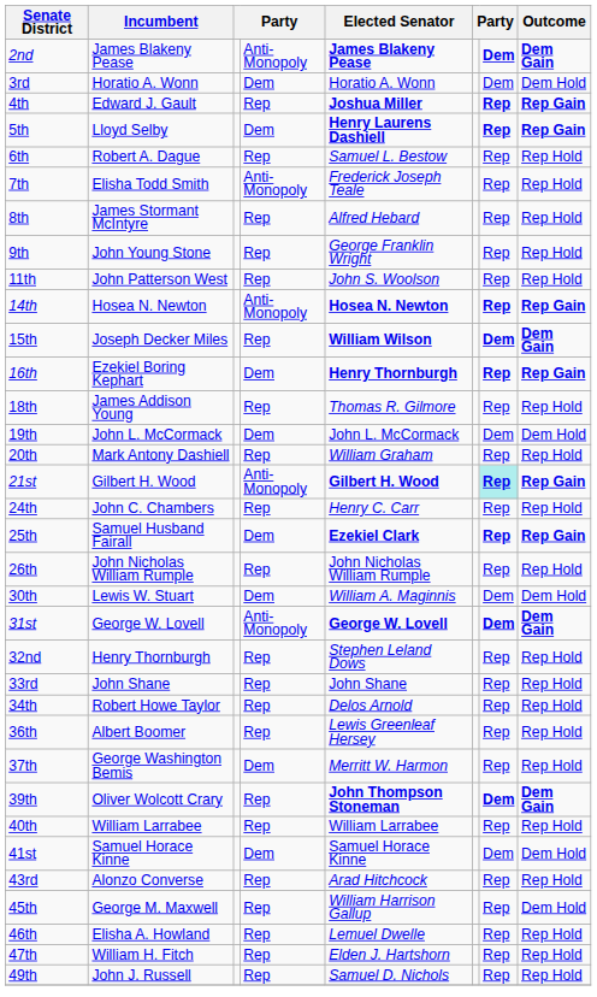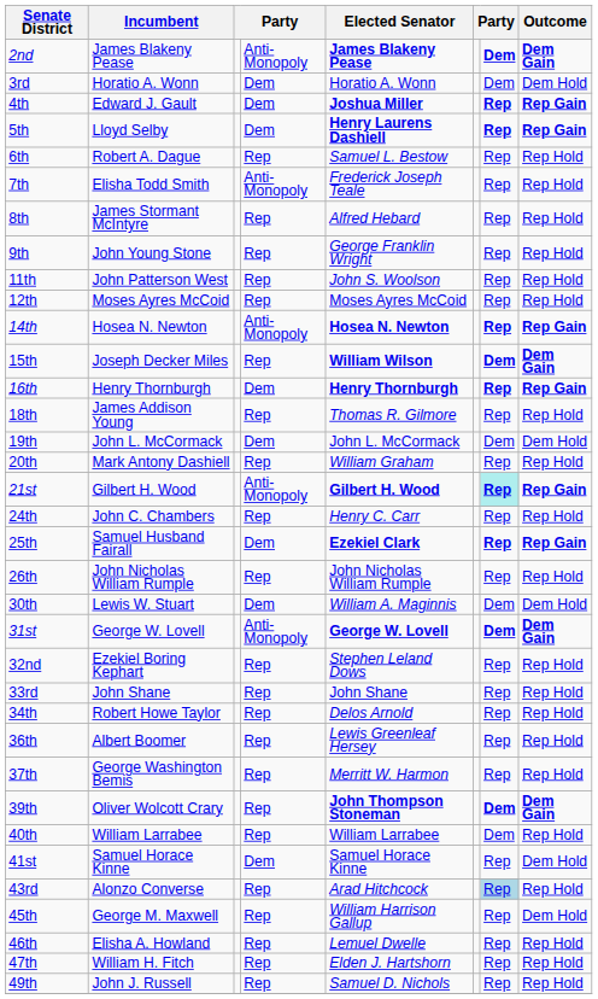 <table class="sortable wikitable" style="font-size:95%;line-height:14px;">
 <tr>
 <th class="sortable"><a href='#'>Senate</a> District</th>
 <th class="sortable"><a href='#'>Incumbent</a></th>
 <th colspan="2">Party</th>
 <th class="sortable">Elected Senator</th>
 <th colspan="2">Party</th>
 <th class="sortable">Outcome</th>
 </tr>
 <tr>
 <td><em><a href='#'>2nd</a></em></td>
 <td><a href='#'>James Blakeny Pease</a></td>
 <td style="background:"></td>
 <td><a href='#'>Anti-Monopoly</a></td>
 <td><strong><a href='#'>James Blakeny Pease</a></strong></td>
 <td style="background:"></td>
 <td><strong><a href='#'>Dem</a></strong></td>
 <td><strong><a href='#'>Dem Gain</a></strong></td>
 </tr>
 <tr>
 <td><a href='#'>3rd</a></td>
 <td><a href='#'>Horatio A. Wonn</a></td>
 <td style="background:"></td>
 <td><a href='#'>Dem</a></td>
 <td><a href='#'>Horatio A. Wonn</a></td>
 <td style="background:"></td>
 <td><a href='#'>Dem</a></td>
 <td><a href='#'>Dem Hold</a></td>
 </tr>
 <tr>
 <td><a href='#'>4th</a></td>
 <td><a href='#'>Edward J. Gault</a></td>
 <td style="background:"></td>
-<td><a href='#'>Rep</a></td>
+<td><a href='#'>Dem</a></td>
 <td><strong><a href='#'>Joshua Miller</a></strong></td>
 <td style="background:"></td>
 <td><strong><a href='#'>Rep</a></strong></td>
 <td><strong><a href='#'>Rep Gain</a></strong></td>
 </tr>
 <tr>
 <td><a href='#'>5th</a></td>
 <td><a href='#'>Lloyd Selby</a></td>
 <td style="background:"></td>
 <td><a href='#'>Dem</a></td>
 <td><strong><a href='#'>Henry Laurens Dashiell</a></strong></td>
 <td style="background:"></td>
 <td><strong><a href='#'>Rep</a></strong></td>
 <td><strong><a href='#'>Rep Gain</a></strong></td>
 </tr>
 <tr>
 <td><a href='#'>6th</a></td>
 <td><a href='#'>Robert A. Dague</a></td>
 <td style="background:"></td>
 <td><a href='#'>Rep</a></td>
 <td><em><a href='#'>Samuel L. Bestow</a></em></td>
 <td style="background:"></td>
 <td><a href='#'>Rep</a></td>
 <td><a href='#'>Rep Hold</a></td>
 </tr>
 <tr>
 <td><a href='#'>7th</a></td>
 <td><a href='#'>Elisha Todd Smith</a></td>
 <td style="background:"></td>
 <td><a href='#'>Anti-Monopoly</a></td>
 <td><em><a href='#'>Frederick Joseph Teale</a></em></td>
 <td style="background:"></td>
 <td><a href='#'>Rep</a></td>
 <td><a href='#'>Rep Hold</a></td>
 </tr>
 <tr>
 <td><a href='#'>8th</a></td>
 <td><a href='#'>James Stormant McIntyre</a></td>
 <td style="background:"></td>
 <td><a href='#'>Rep</a></td>
 <td><em><a href='#'>Alfred Hebard</a></em></td>
 <td style="background:"></td>
 <td><a href='#'>Rep</a></td>
 <td><a href='#'>Rep Hold</a></td>
 </tr>
 <tr>
 <td><a href='#'>9th</a></td>
 <td><a href='#'>John Young Stone</a></td>
 <td style="background:"></td>
 <td><a href='#'>Rep</a></td>
 <td><em><a href='#'>George Franklin Wright</a></em></td>
 <td style="background:"></td>
 <td><a href='#'>Rep</a></td>
 <td><a href='#'>Rep Hold</a></td>
 </tr>
 <tr>
 <td><a href='#'>11th</a></td>
 <td><a href='#'>John Patterson West</a></td>
 <td style="background:"></td>
 <td><a href='#'>Rep</a></td>
 <td><em><a href='#'>John S. Woolson</a></em></td>
 <td style="background:"></td>
 <td><a href='#'>Rep</a></td>
 <td><a href='#'>Rep Hold</a></td>
 </tr>
 <tr>
+<td><a href='#'>12th</a></td>
+<td><a href='#'>Moses Ayres McCoid</a></td>
+<td style="background:"></td>
+<td><a href='#'>Rep</a></td>
+<td><a href='#'>Moses Ayres McCoid</a></td>
+<td style="background:"></td>
+<td><a href='#'>Rep</a></td>
+<td><a href='#'>Rep Hold</a></td>
+</tr>
+<tr>
 <td><em><a href='#'>14th</a></em></td>
 <td><a href='#'>Hosea N. Newton</a></td>
 <td style="background:"></td>
 <td><a href='#'>Anti-Monopoly</a></td>
 <td><strong><a href='#'>Hosea N. Newton</a></strong></td>
 <td style="background:"></td>
 <td><strong><a href='#'>Rep</a></strong></td>
 <td><strong><a href='#'>Rep Gain</a></strong></td>
 </tr>
 <tr>
 <td><a href='#'>15th</a></td>
 <td><a href='#'>Joseph Decker Miles</a></td>
 <td style="background:"></td>
 <td><a href='#'>Rep</a></td>
 <td><strong><a href='#'>William Wilson</a></strong></td>
 <td style="background:"></td>
 <td><strong><a href='#'>Dem</a></strong></td>
 <td><strong><a href='#'>Dem Gain</a></strong></td>
 </tr>
 <tr>
 <td><em><a href='#'>16th</a></em></td>
-<td><a href='#'>Ezekiel Boring Kephart</a></td>
+<td><a href='#'>Henry Thornburgh</a></td>
 <td style="background:"></td>
 <td><a href='#'>Dem</a></td>
 <td><strong><a href='#'>Henry Thornburgh</a></strong></td>
 <td style="background:"></td>
 <td><strong><a href='#'>Rep</a></strong></td>
 <td><strong><a href='#'>Rep Gain</a></strong></td>
 </tr>
 <tr>
 <td><a href='#'>18th</a></td>
 <td><a href='#'>James Addison Young</a></td>
 <td style="background:"></td>
 <td><a href='#'>Rep</a></td>
 <td><em><a href='#'>Thomas R. Gilmore</a></em></td>
 <td style="background:"></td>
 <td><a href='#'>Rep</a></td>
 <td><a href='#'>Rep Hold</a></td>
 </tr>
 <tr>
 <td><a href='#'>19th</a></td>
 <td><a href='#'>John L. McCormack</a></td>
 <td style="background:"></td>
 <td><a href='#'>Dem</a></td>
 <td><a href='#'>John L. McCormack</a></td>
 <td style="background:"></td>
 <td><a href='#'>Dem</a></td>
 <td><a href='#'>Dem Hold</a></td>
 </tr>
 <tr>
 <td><a href='#'>20th</a></td>
 <td><a href='#'>Mark Antony Dashiell</a></td>
 <td style="background:"></td>
 <td><a href='#'>Rep</a></td>
 <td><em><a href='#'>William Graham</a></em></td>
 <td style="background:"></td>
 <td><a href='#'>Rep</a></td>
 <td><a href='#'>Rep Hold</a></td>
 </tr>
 <tr>
 <td><em><a href='#'>21st</a></em></td>
 <td><a href='#'>Gilbert H. Wood</a></td>
 <td style="background:"></td>
 <td><a href='#'>Anti-Monopoly</a></td>
 <td><strong><a href='#'>Gilbert H. Wood</a></strong></td>
 <td style="background:"></td>
 <td style="background: paleturquoise;"><strong><a href='#'>Rep</a></strong></td>
 <td><strong><a href='#'>Rep Gain</a></strong></td>
 </tr>
 <tr>
 <td><a href='#'>24th</a></td>
 <td><a href='#'>John C. Chambers</a></td>
 <td style="background:"></td>
 <td><a href='#'>Rep</a></td>
 <td><em><a href='#'>Henry C. Carr</a></em></td>
 <td style="background:"></td>
 <td><a href='#'>Rep</a></td>
 <td><a href='#'>Rep Hold</a></td>
 </tr>
 <tr>
 <td><a href='#'>25th</a></td>
 <td><a href='#'>Samuel Husband Fairall</a></td>
 <td style="background:"></td>
 <td><a href='#'>Dem</a></td>
 <td><strong><a href='#'>Ezekiel Clark</a></strong></td>
 <td style="background:"></td>
 <td><strong><a href='#'>Rep</a></strong></td>
 <td><strong><a href='#'>Rep Gain</a></strong></td>
 </tr>
 <tr>
 <td><a href='#'>26th</a></td>
 <td><a href='#'>John Nicholas William Rumple</a></td>
 <td style="background:"></td>
 <td><a href='#'>Rep</a></td>
 <td><a href='#'>John Nicholas William Rumple</a></td>
 <td style="background:"></td>
 <td><a href='#'>Rep</a></td>
 <td><a href='#'>Rep Hold</a></td>
 </tr>
 <tr>
 <td><a href='#'>30th</a></td>
 <td><a href='#'>Lewis W. Stuart</a></td>
 <td style="background:"></td>
 <td><a href='#'>Dem</a></td>
 <td><em><a href='#'>William A. Maginnis</a></em></td>
 <td style="background:"></td>
 <td><a href='#'>Dem</a></td>
 <td><a href='#'>Dem Hold</a></td>
 </tr>
 <tr>
 <td><em><a href='#'>31st</a></em></td>
 <td><a href='#'>George W. Lovell</a></td>
 <td style="background:"></td>
 <td><a href='#'>Anti-Monopoly</a></td>
 <td><strong><a href='#'>George W. Lovell</a></strong></td>
 <td style="background:"></td>
 <td><strong><a href='#'>Dem</a></strong></td>
 <td><strong><a href='#'>Dem Gain</a></strong></td>
 </tr>
 <tr>
 <td><a href='#'>32nd</a></td>
-<td><a href='#'>Henry Thornburgh</a></td>
+<td><a href='#'>Ezekiel Boring Kephart</a></td>
 <td style="background:"></td>
 <td><a href='#'>Rep</a></td>
 <td><em><a href='#'>Stephen Leland Dows</a></em></td>
 <td style="background:"></td>
 <td><a href='#'>Rep</a></td>
 <td><a href='#'>Rep Hold</a></td>
 </tr>
 <tr>
 <td><a href='#'>33rd</a></td>
 <td><a href='#'>John Shane</a></td>
 <td style="background:"></td>
 <td><a href='#'>Rep</a></td>
 <td><a href='#'>John Shane</a></td>
 <td style="background:"></td>
 <td><a href='#'>Rep</a></td>
 <td><a href='#'>Rep Hold</a></td>
 </tr>
 <tr>
 <td><a href='#'>34th</a></td>
 <td><a href='#'>Robert Howe Taylor</a></td>
 <td style="background:"></td>
 <td><a href='#'>Rep</a></td>
 <td><em><a href='#'>Delos Arnold</a></em></td>
 <td style="background:"></td>
 <td><a href='#'>Rep</a></td>
 <td><a href='#'>Rep Hold</a></td>
 </tr>
 <tr>
 <td><a href='#'>36th</a></td>
 <td><a href='#'>Albert Boomer</a></td>
 <td style="background:"></td>
 <td><a href='#'>Rep</a></td>
 <td><em><a href='#'>Lewis Greenleaf Hersey</a></em></td>
 <td style="background:"></td>
 <td><a href='#'>Rep</a></td>
 <td><a href='#'>Rep Hold</a></td>
 </tr>
 <tr>
 <td><a href='#'>37th</a></td>
 <td><a href='#'>George Washington Bemis</a></td>
 <td style="background:"></td>
-<td><a href='#'>Dem</a></td>
+<td><a href='#'>Rep</a></td>
 <td><em><a href='#'>Merritt W. Harmon</a></em></td>
 <td style="background:"></td>
 <td><a href='#'>Rep</a></td>
 <td><a href='#'>Rep Hold</a></td>
 </tr>
 <tr>
 <td><a href='#'>39th</a></td>
 <td><a href='#'>Oliver Wolcott Crary</a></td>
 <td style="background:"></td>
 <td><a href='#'>Rep</a></td>
 <td><strong><a href='#'>John Thompson Stoneman</a></strong></td>
 <td style="background:"></td>
 <td><strong><a href='#'>Dem</a></strong></td>
 <td><strong><a href='#'>Dem Gain</a></strong></td>
 </tr>
 <tr>
 <td><a href='#'>40th</a></td>
 <td><a href='#'>William Larrabee</a></td>
 <td style="background:"></td>
 <td><a href='#'>Rep</a></td>
 <td><a href='#'>William Larrabee</a></td>
 <td style="background:"></td>
-<td><a href='#'>Rep</a></td>
+<td><a href='#'>Dem</a></td>
 <td><a href='#'>Rep Hold</a></td>
 </tr>
 <tr>
 <td><a href='#'>41st</a></td>
 <td><a href='#'>Samuel Horace Kinne</a></td>
 <td style="background:"></td>
 <td><a href='#'>Dem</a></td>
 <td><a href='#'>Samuel Horace Kinne</a></td>
 <td style="background:"></td>
-<td><a href='#'>Dem</a></td>
+<td><a href='#'>Rep</a></td>
 <td><a href='#'>Dem Hold</a></td>
 </tr>
 <tr>
 <td><a href='#'>43rd</a></td>
 <td><a href='#'>Alonzo Converse</a></td>
 <td style="background:"></td>
 <td><a href='#'>Rep</a></td>
 <td><em><a href='#'>Arad Hitchcock</a></em></td>
 <td style="background:"></td>
-<td><a href='#'>Rep</a></td>
+<td style="background: lightblue;"><a href='#'>Rep</a></td>
 <td><a href='#'>Rep Hold</a></td>
 </tr>
 <tr>
 <td><a href='#'>45th</a></td>
 <td><a href='#'>George M. Maxwell</a></td>
 <td style="background:"></td>
 <td><a href='#'>Rep</a></td>
 <td><em><a href='#'>William Harrison Gallup</a></em></td>
 <td style="background:"></td>
 <td><a href='#'>Rep</a></td>
 <td><a href='#'>Dem Hold</a></td>
 </tr>
 <tr>
 <td><a href='#'>46th</a></td>
 <td><a href='#'>Elisha A. Howland</a></td>
 <td style="background:"></td>
 <td><a href='#'>Rep</a></td>
 <td><em><a href='#'>Lemuel Dwelle</a></em></td>
 <td style="background:"></td>
 <td><a href='#'>Rep</a></td>
 <td><a href='#'>Rep Hold</a></td>
 </tr>
 <tr>
 <td><a href='#'>47th</a></td>
 <td><a href='#'>William H. Fitch</a></td>
 <td style="background:"></td>
 <td><a href='#'>Rep</a></td>
 <td><em><a href='#'>Elden J. Hartshorn</a></em></td>
 <td style="background:"></td>
 <td><a href='#'>Rep</a></td>
 <td><a href='#'>Rep Hold</a></td>
 </tr>
 <tr>
 <td><a href='#'>49th</a></td>
 <td><a href='#'>John J. Russell</a></td>
 <td style="background:"></td>
 <td><a href='#'>Rep</a></td>
 <td><em><a href='#'>Samuel D. Nichols</a></em></td>
 <td style="background:"></td>
 <td><a href='#'>Rep</a></td>
 <td><a href='#'>Rep Hold</a></td>
 </tr>
 <tr>
 </tr>
 </table>
